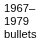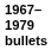 <table style="width:80px;">
 <tr>
 <td><br></td>
 </tr>
 <tr>
-<td><div>1967–1979 bullets</div></td>
+<td><strong><div>1967–1979 bullets</div></strong></td>
 </tr>
 </table>
